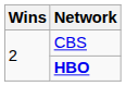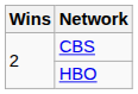 <table class="wikitable">
 <tr>
 <th>Wins</th>
 <th>Network</th>
 </tr>
 <tr>
 <td rowspan="2">2</td>
 <td><a href='#'>CBS</a></td>
 </tr>
 <tr>
-<td><strong><a href='#'>HBO</a></strong></td>
+<td><a href='#'>HBO</a></td>
 </tr>
 </table>
